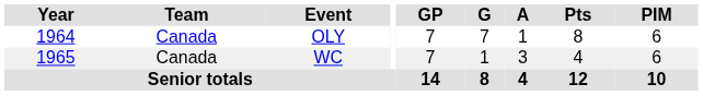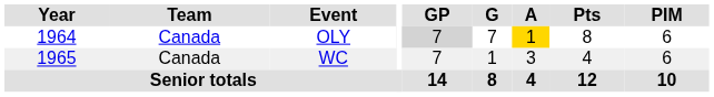 <table border="0" cellpadding="1" cellspacing="0" ID="Table3" style="text-align:center; width:40em">
 <tr bgcolor="#e0e0e0">
 <th>Year</th>
 <th>Team</th>
 <th>Event</th>
 <th rowspan="102" bgcolor="#ffffff"></th>
 <th>GP</th>
 <th>G</th>
 <th>A</th>
 <th>Pts</th>
 <th>PIM</th>
 </tr>
 <tr>
 <td><a href='#'>1964</a></td>
 <td><a href='#'>Canada</a></td>
 <td><a href='#'>OLY</a></td>
+<td style="background: lightgrey;">7</td>
 <td>7</td>
-<td>7</td>
-<td>1</td>
+<td style="background: gold;">1</td>
 <td>8</td>
 <td>6</td>
 </tr>
 <tr bgcolor="#f0f0f0">
 <td><a href='#'>1965</a></td>
 <td>Canada</td>
 <td><a href='#'>WC</a></td>
 <td>7</td>
 <td>1</td>
 <td>3</td>
 <td>4</td>
 <td>6</td>
 </tr>
 <tr bgcolor="#e0e0e0">
 <th colspan="4">Senior totals</th>
 <th>14</th>
 <th>8</th>
 <th>4</th>
 <th>12</th>
 <th>10</th>
 </tr>
 </table>
